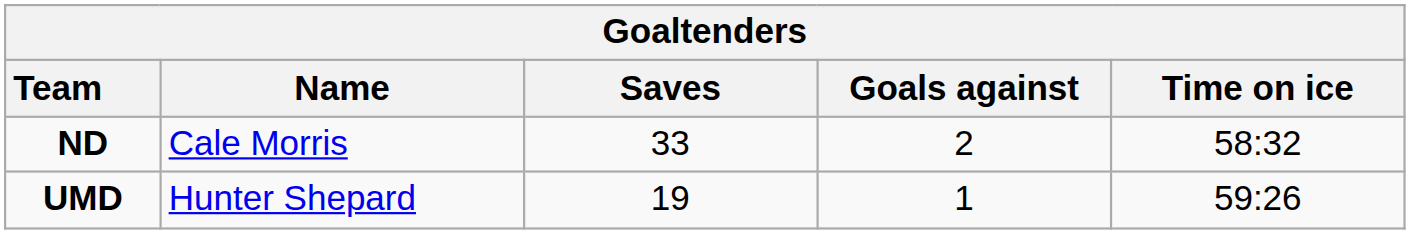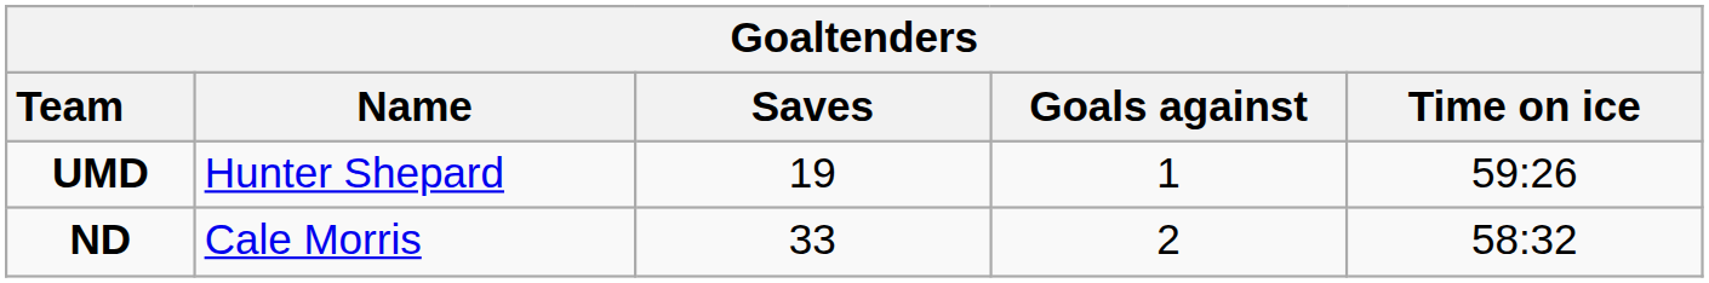 <table class="wikitable" style="width:40em; text-align:right;">
 <tr>
 <th colspan=5>Goaltenders</th>
 </tr>
 <tr>
 <th style="width:4em; text-align:left;">Team</th>
 <th style="width:10em;">Name</th>
 <th style="width:8em;">Saves</th>
 <th style="width:8em;">Goals against</th>
 <th style="width:8em;">Time on ice</th>
 </tr>
 <tr>
+<td align=center><strong>UMD</strong></td>
+<td style="text-align:left;"><a href='#'>Hunter Shepard</a></td>
+<td align=center>19</td>
+<td align=center>1</td>
+<td align=center>59:26</td>
+</tr>
+<tr>
 <td align=center><strong>ND</strong></td>
 <td style="text-align:left;"><a href='#'>Cale Morris</a></td>
 <td align=center>33</td>
 <td align=center>2</td>
 <td align=center>58:32</td>
 </tr>
-<tr>
-<td align=center><strong>UMD</strong></td>
-<td style="text-align:left;"><a href='#'>Hunter Shepard</a></td>
-<td align=center>19</td>
-<td align=center>1</td>
-<td align=center>59:26</td>
-</tr>
 </table>
